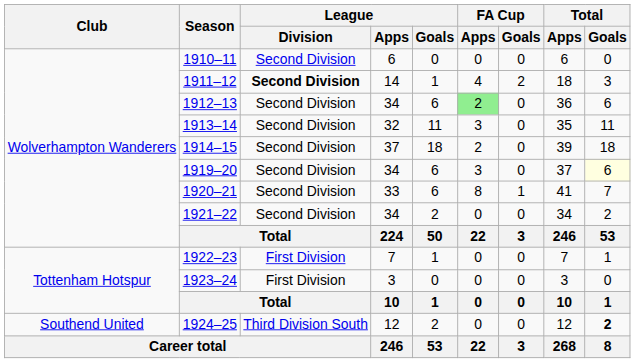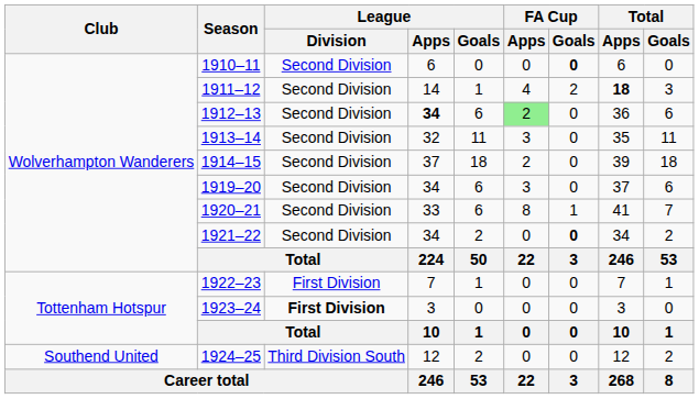 <table class="wikitable" style="text-align: center;">
 <tr>
 <th rowspan="2">Club</th>
 <th rowspan="2">Season</th>
 <th colspan="3">League</th>
 <th colspan="2">FA Cup</th>
 <th colspan="2">Total</th>
 </tr>
 <tr>
 <th>Division</th>
 <th>Apps</th>
 <th>Goals</th>
 <th>Apps</th>
 <th>Goals</th>
 <th>Apps</th>
 <th>Goals</th>
 </tr>
 <tr>
 <td rowspan="9"><a href='#'>Wolverhampton Wanderers</a></td>
 <td><a href='#'>1910–11</a></td>
 <td><a href='#'>Second Division</a></td>
 <td>6</td>
 <td>0</td>
 <td>0</td>
-<td>0</td>
+<td><strong>0</strong></td>
 <td>6</td>
 <td>0</td>
 </tr>
 <tr>
 <td><a href='#'>1911–12</a></td>
-<td><strong>Second Division</strong></td>
+<td>Second Division</td>
 <td>14</td>
 <td>1</td>
 <td>4</td>
 <td>2</td>
-<td>18</td>
+<td><strong>18</strong></td>
 <td>3</td>
 </tr>
 <tr>
 <td><a href='#'>1912–13</a></td>
 <td>Second Division</td>
-<td>34</td>
+<td><strong>34</strong></td>
 <td>6</td>
 <td style="background: lightgreen;">2</td>
 <td>0</td>
 <td>36</td>
 <td>6</td>
 </tr>
 <tr>
 <td><a href='#'>1913–14</a></td>
 <td>Second Division</td>
 <td>32</td>
 <td>11</td>
 <td>3</td>
 <td>0</td>
 <td>35</td>
 <td>11</td>
 </tr>
 <tr>
 <td><a href='#'>1914–15</a></td>
 <td>Second Division</td>
 <td>37</td>
 <td>18</td>
 <td>2</td>
 <td>0</td>
 <td>39</td>
 <td>18</td>
 </tr>
 <tr>
 <td><a href='#'>1919–20</a></td>
 <td>Second Division</td>
 <td>34</td>
 <td>6</td>
 <td>3</td>
 <td>0</td>
 <td>37</td>
-<td style="background: lightyellow;">6</td>
+<td>6</td>
 </tr>
 <tr>
 <td><a href='#'>1920–21</a></td>
 <td>Second Division</td>
 <td>33</td>
 <td>6</td>
 <td>8</td>
 <td>1</td>
 <td>41</td>
 <td>7</td>
 </tr>
 <tr>
 <td><a href='#'>1921–22</a></td>
 <td>Second Division</td>
 <td>34</td>
 <td>2</td>
 <td>0</td>
-<td>0</td>
+<td><strong>0</strong></td>
 <td>34</td>
 <td>2</td>
 </tr>
 <tr>
 <th colspan="2">Total</th>
 <th>224</th>
 <th>50</th>
 <th>22</th>
 <th>3</th>
 <th>246</th>
 <th>53</th>
 </tr>
 <tr>
 <td rowspan="3"><a href='#'>Tottenham Hotspur</a></td>
 <td><a href='#'>1922–23</a></td>
 <td><a href='#'>First Division</a></td>
 <td>7</td>
 <td>1</td>
 <td>0</td>
 <td>0</td>
 <td>7</td>
 <td>1</td>
 </tr>
 <tr>
 <td><a href='#'>1923–24</a></td>
-<td>First Division</td>
+<td><strong>First Division</strong></td>
 <td>3</td>
 <td>0</td>
 <td>0</td>
 <td>0</td>
 <td>3</td>
 <td>0</td>
 </tr>
 <tr>
 <th colspan="2">Total</th>
 <th>10</th>
 <th>1</th>
 <th>0</th>
 <th>0</th>
 <th>10</th>
 <th>1</th>
 </tr>
 <tr>
 <td><a href='#'>Southend United</a></td>
 <td><a href='#'>1924–25</a></td>
 <td><a href='#'>Third Division South</a></td>
 <td>12</td>
 <td>2</td>
 <td>0</td>
 <td>0</td>
 <td>12</td>
-<td><strong>2</strong></td>
+<td>2</td>
 </tr>
 <tr>
 <th colspan="3">Career total</th>
 <th>246</th>
 <th>53</th>
 <th>22</th>
 <th>3</th>
 <th>268</th>
 <th>8</th>
 </tr>
 </table>
